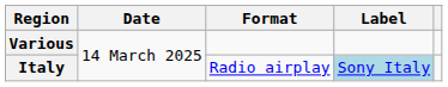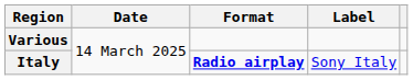 <table class="wikitable plainrowheaders">
 <tr>
 <th scope="col">Region</th>
 <th scope="col">Date</th>
 <th scope="col">Format</th>
 <th scope="col">Label</th>
 <th scope="col"></th>
 </tr>
 <tr>
 <th scope="row">Various</th>
 <td rowspan="2">14 March 2025</td>
 <td></td>
 <td></td>
 <td style="text-align:center"></td>
 </tr>
 <tr>
 <th scope="row">Italy</th>
-<td><a href='#'>Radio airplay</a></td>
-<td style="background: lightblue;"><a href='#'>Sony Italy</a></td>
+<td><strong><a href='#'>Radio airplay</a></strong></td>
+<td><a href='#'>Sony Italy</a></td>
 <td style="text-align:center"></td>
 </tr>
 </table>
